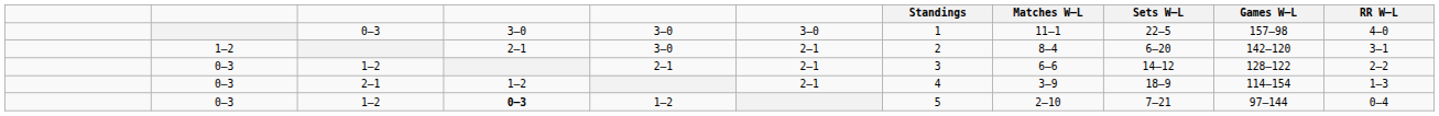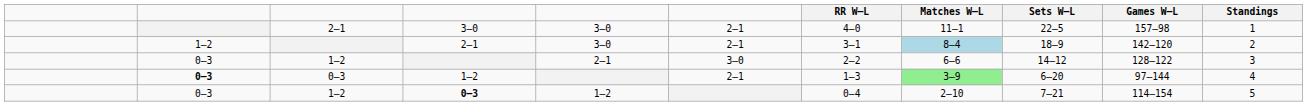 <table class="wikitable" style="width: 100%; text-align:center; font-size:90%">
 <tr>
 <td width=108></td>
 <td width=108></td>
 <td width=108></td>
 <td width=108></td>
 <td width=108></td>
 <td width=108></td>
-<th width=80>Standings</th>
+<th width=80>RR W–L</th>
 <th width=80>Matches W–L</th>
 <th width=80>Sets W–L</th>
 <th width=80>Games W–L</th>
-<th width=80>RR W–L</th>
+<th width=80>Standings</th>
 </tr>
 <tr>
 <td style="text-align:left;"></td>
 <th bgcolor="ededed"></th>
-<td>0–3</td>
+<td>2–1</td>
 <td>3–0</td>
 <td>3–0</td>
-<td>3–0</td>
-<td>1</td>
+<td>2–1</td>
+<td>4–0</td>
 <td>11–1</td>
 <td>22–5</td>
 <td>157–98</td>
-<td>4–0</td>
+<td>1</td>
 </tr>
 <tr>
 <td style="text-align:left;"></td>
 <td>1–2</td>
 <th bgcolor="ededed"></th>
 <td>2–1</td>
 <td>3–0</td>
 <td>2–1</td>
+<td>3–1</td>
+<td style="background: lightblue;">8–4</td>
+<td>18–9</td>
+<td>142–120</td>
 <td>2</td>
-<td>8–4</td>
-<td>6–20</td>
-<td>142–120</td>
-<td>3–1</td>
 </tr>
 <tr>
 <td style="text-align:left;"></td>
 <td>0–3</td>
 <td>1–2</td>
 <th bgcolor="ededed"></th>
 <td>2–1</td>
-<td>2–1</td>
-<td>3</td>
+<td>3–0</td>
+<td>2–2</td>
 <td>6–6</td>
 <td>14–12</td>
 <td>128–122</td>
-<td>2–2</td>
+<td>3</td>
 </tr>
 <tr>
 <td style="text-align:left;"></td>
+<td><strong>0–3</strong></td>
 <td>0–3</td>
-<td>2–1</td>
 <td>1–2</td>
 <th bgcolor="ededed"></th>
 <td>2–1</td>
+<td>1–3</td>
+<td style="background: lightgreen;">3–9</td>
+<td>6–20</td>
+<td>97–144</td>
 <td>4</td>
-<td>3–9</td>
-<td>18–9</td>
-<td>114–154</td>
-<td>1–3</td>
 </tr>
 <tr>
 <td style="text-align:left;"></td>
 <td>0–3</td>
 <td>1–2</td>
 <td><strong>0–3</strong></td>
 <td>1–2</td>
 <th bgcolor="ededed"></th>
-<td>5</td>
+<td>0–4</td>
 <td>2–10</td>
 <td>7–21</td>
-<td>97–144</td>
-<td>0–4</td>
+<td>114–154</td>
+<td>5</td>
 </tr>
 </table>
